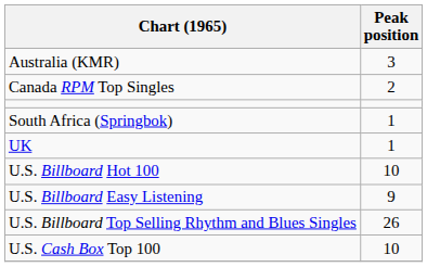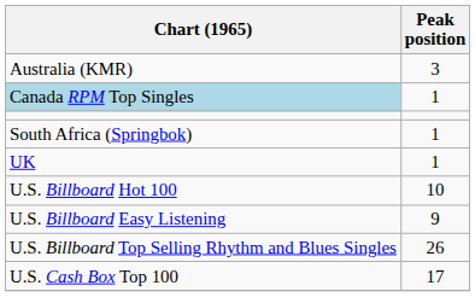 <table class="wikitable sortable">
 <tr>
 <th>Chart (1965)</th>
 <th>Peak<br>position</th>
 </tr>
 <tr>
 <td>Australia (KMR)</td>
 <td style="text-align:center;">3</td>
 </tr>
 <tr>
-<td>Canada <em><a href='#'>RPM</a></em> Top Singles</td>
-<td style="text-align:center;">2</td>
+<td style="background: lightblue;">Canada <em><a href='#'>RPM</a></em> Top Singles</td>
+<td style="text-align:center;">1</td>
 </tr>
 <tr>
 <td></td>
 </tr>
 <tr>
 <td>South Africa (<a href='#'>Springbok</a>)</td>
 <td align="center">1</td>
 </tr>
 <tr>
 <td><a href='#'>UK</a></td>
 <td style="text-align:center;">1</td>
 </tr>
 <tr>
 <td>U.S. <em><a href='#'>Billboard</a></em> <a href='#'>Hot 100</a></td>
 <td style="text-align:center;">10</td>
 </tr>
 <tr>
 <td>U.S. <em><a href='#'>Billboard</a></em> <a href='#'>Easy Listening</a></td>
 <td style="text-align:center;">9</td>
 </tr>
 <tr>
 <td align="left">U.S. <em>Billboard</em> <a href='#'>Top Selling Rhythm and Blues Singles</a></td>
 <td style="text-align:center;">26</td>
 </tr>
 <tr>
 <td>U.S. <a href='#'><em>Cash Box</em></a> Top 100</td>
-<td align="center">10</td>
+<td align="center">17</td>
 </tr>
 <tr>
 </tr>
 </table>
